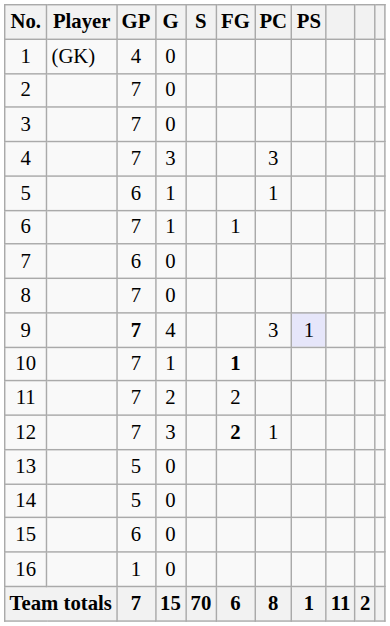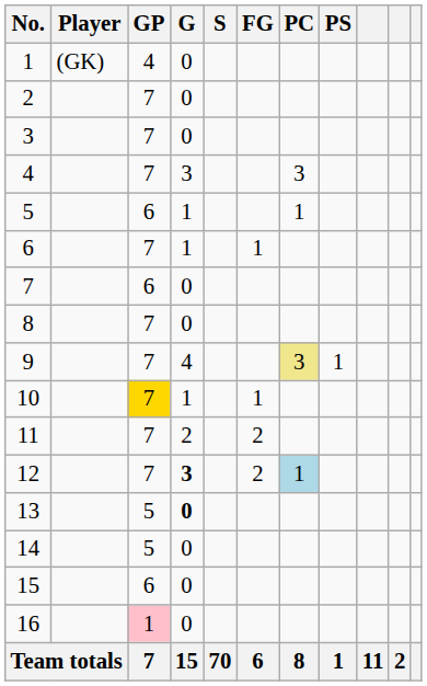 <table class="wikitable sortable" style="font-size:90%; text-align:center">
 <tr>
 <th>No.</th>
 <th>Player</th>
 <th>GP</th>
 <th>G</th>
 <th>S</th>
 <th>FG</th>
 <th>PC</th>
 <th>PS</th>
 <th></th>
 <th></th>
 <th></th>
 </tr>
 <tr>
 <td>1</td>
 <td align=left> (GK)</td>
 <td>4</td>
 <td>0</td>
 <td></td>
 <td></td>
 <td></td>
 <td></td>
 <td></td>
 <td></td>
 <td></td>
 </tr>
 <tr>
 <td>2</td>
 <td align=left></td>
 <td>7</td>
 <td>0</td>
 <td></td>
 <td></td>
 <td></td>
 <td></td>
 <td></td>
 <td></td>
 <td></td>
 </tr>
 <tr>
 <td>3</td>
 <td align=left></td>
 <td>7</td>
 <td>0</td>
 <td></td>
 <td></td>
 <td></td>
 <td></td>
 <td></td>
 <td></td>
 <td></td>
 </tr>
 <tr>
 <td>4</td>
 <td align=left></td>
 <td>7</td>
 <td>3</td>
 <td></td>
 <td></td>
 <td>3</td>
 <td></td>
 <td></td>
 <td></td>
 <td></td>
 </tr>
 <tr>
 <td>5</td>
 <td align=left></td>
 <td>6</td>
 <td>1</td>
 <td></td>
 <td></td>
 <td>1</td>
 <td></td>
 <td></td>
 <td></td>
 <td></td>
 </tr>
 <tr>
 <td>6</td>
 <td align=left></td>
 <td>7</td>
 <td>1</td>
 <td></td>
 <td>1</td>
 <td></td>
 <td></td>
 <td></td>
 <td></td>
 <td></td>
 </tr>
 <tr>
 <td>7</td>
 <td align=left></td>
 <td>6</td>
 <td>0</td>
 <td></td>
 <td></td>
 <td></td>
 <td></td>
 <td></td>
 <td></td>
 <td></td>
 </tr>
 <tr>
 <td>8</td>
 <td align=left></td>
 <td>7</td>
 <td>0</td>
 <td></td>
 <td></td>
 <td></td>
 <td></td>
 <td></td>
 <td></td>
 <td></td>
 </tr>
 <tr>
 <td>9</td>
 <td align=left></td>
-<td><strong>7</strong></td>
+<td>7</td>
 <td>4</td>
 <td></td>
 <td></td>
-<td>3</td>
-<td style="background: lavender;">1</td>
+<td style="background: khaki;">3</td>
+<td>1</td>
 <td></td>
 <td></td>
 <td></td>
 </tr>
 <tr>
 <td>10</td>
 <td align=left></td>
-<td>7</td>
+<td style="background: gold;">7</td>
 <td>1</td>
 <td></td>
-<td><strong>1</strong></td>
+<td>1</td>
 <td></td>
 <td></td>
 <td></td>
 <td></td>
 <td></td>
 </tr>
 <tr>
 <td>11</td>
 <td align=left></td>
 <td>7</td>
 <td>2</td>
 <td></td>
 <td>2</td>
 <td></td>
 <td></td>
 <td></td>
 <td></td>
 <td></td>
 </tr>
 <tr>
 <td>12</td>
 <td align=left></td>
 <td>7</td>
-<td>3</td>
+<td><strong>3</strong></td>
 <td></td>
-<td><strong>2</strong></td>
-<td>1</td>
+<td>2</td>
+<td style="background: lightblue;">1</td>
 <td></td>
 <td></td>
 <td></td>
 <td></td>
 </tr>
 <tr>
 <td>13</td>
 <td align=left></td>
 <td>5</td>
-<td>0</td>
+<td><strong>0</strong></td>
 <td></td>
 <td></td>
 <td></td>
 <td></td>
 <td></td>
 <td></td>
 <td></td>
 </tr>
 <tr>
 <td>14</td>
 <td align=left></td>
 <td>5</td>
 <td>0</td>
 <td></td>
 <td></td>
 <td></td>
 <td></td>
 <td></td>
 <td></td>
 <td></td>
 </tr>
 <tr>
 <td>15</td>
 <td align=left></td>
 <td>6</td>
 <td>0</td>
 <td></td>
 <td></td>
 <td></td>
 <td></td>
 <td></td>
 <td></td>
 <td></td>
 </tr>
 <tr>
 <td>16</td>
 <td align=left></td>
-<td>1</td>
+<td style="background: pink;">1</td>
 <td>0</td>
 <td></td>
 <td></td>
 <td></td>
 <td></td>
 <td></td>
 <td></td>
 <td></td>
 </tr>
 <tr class="sortbottom">
 <th colspan=2>Team totals</th>
 <th>7</th>
 <th>15</th>
 <th>70</th>
 <th>6</th>
 <th>8</th>
 <th>1</th>
 <th>11</th>
 <th>2</th>
 <th></th>
 </tr>
 </table>
